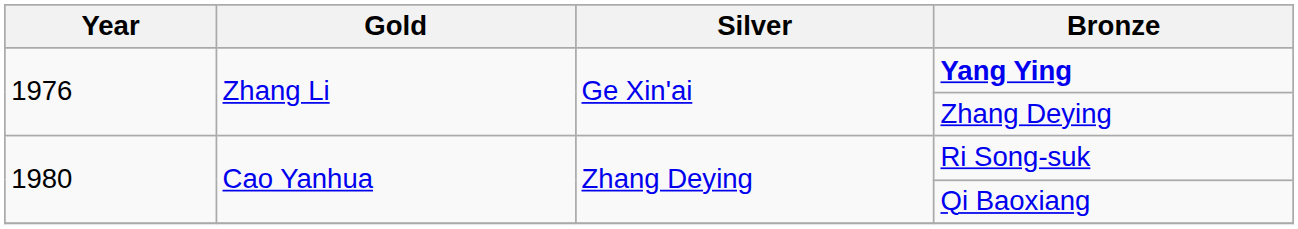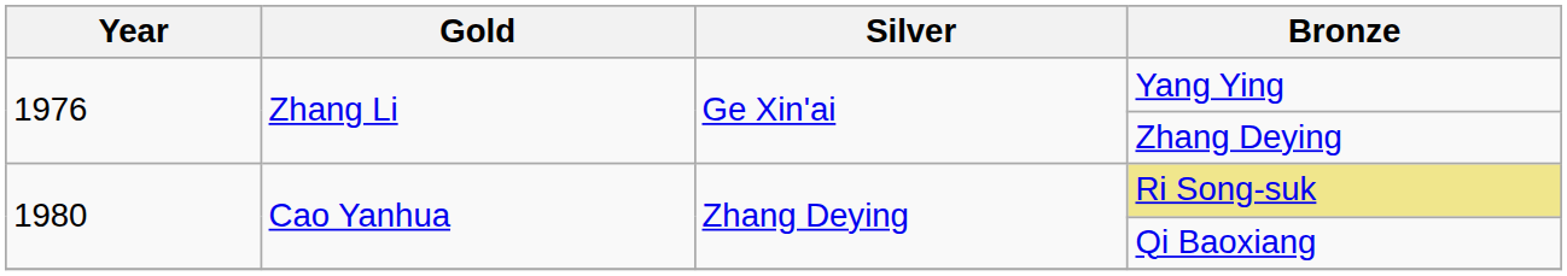 <table class="wikitable" style="text-align: left; width: 750px;">
 <tr>
 <th width="100">Year</th>
 <th width="175">Gold</th>
 <th width="175">Silver</th>
 <th width="175">Bronze</th>
 </tr>
 <tr>
 <td rowspan=2>1976</td>
 <td rowspan=2> <a href='#'>Zhang Li</a></td>
 <td rowspan=2> <a href='#'>Ge Xin'ai</a></td>
-<td><strong> <a href='#'>Yang Ying</a></strong></td>
+<td> <a href='#'>Yang Ying</a></td>
 </tr>
 <tr>
 <td> <a href='#'>Zhang Deying</a></td>
 </tr>
 <tr>
 <td rowspan=2>1980</td>
 <td rowspan=2> <a href='#'>Cao Yanhua</a></td>
 <td rowspan=2> <a href='#'>Zhang Deying</a></td>
-<td> <a href='#'>Ri Song-suk</a></td>
+<td style="background: khaki;"> <a href='#'>Ri Song-suk</a></td>
 </tr>
 <tr>
 <td> <a href='#'>Qi Baoxiang</a></td>
 </tr>
 <tr>
 </tr>
 </table>
